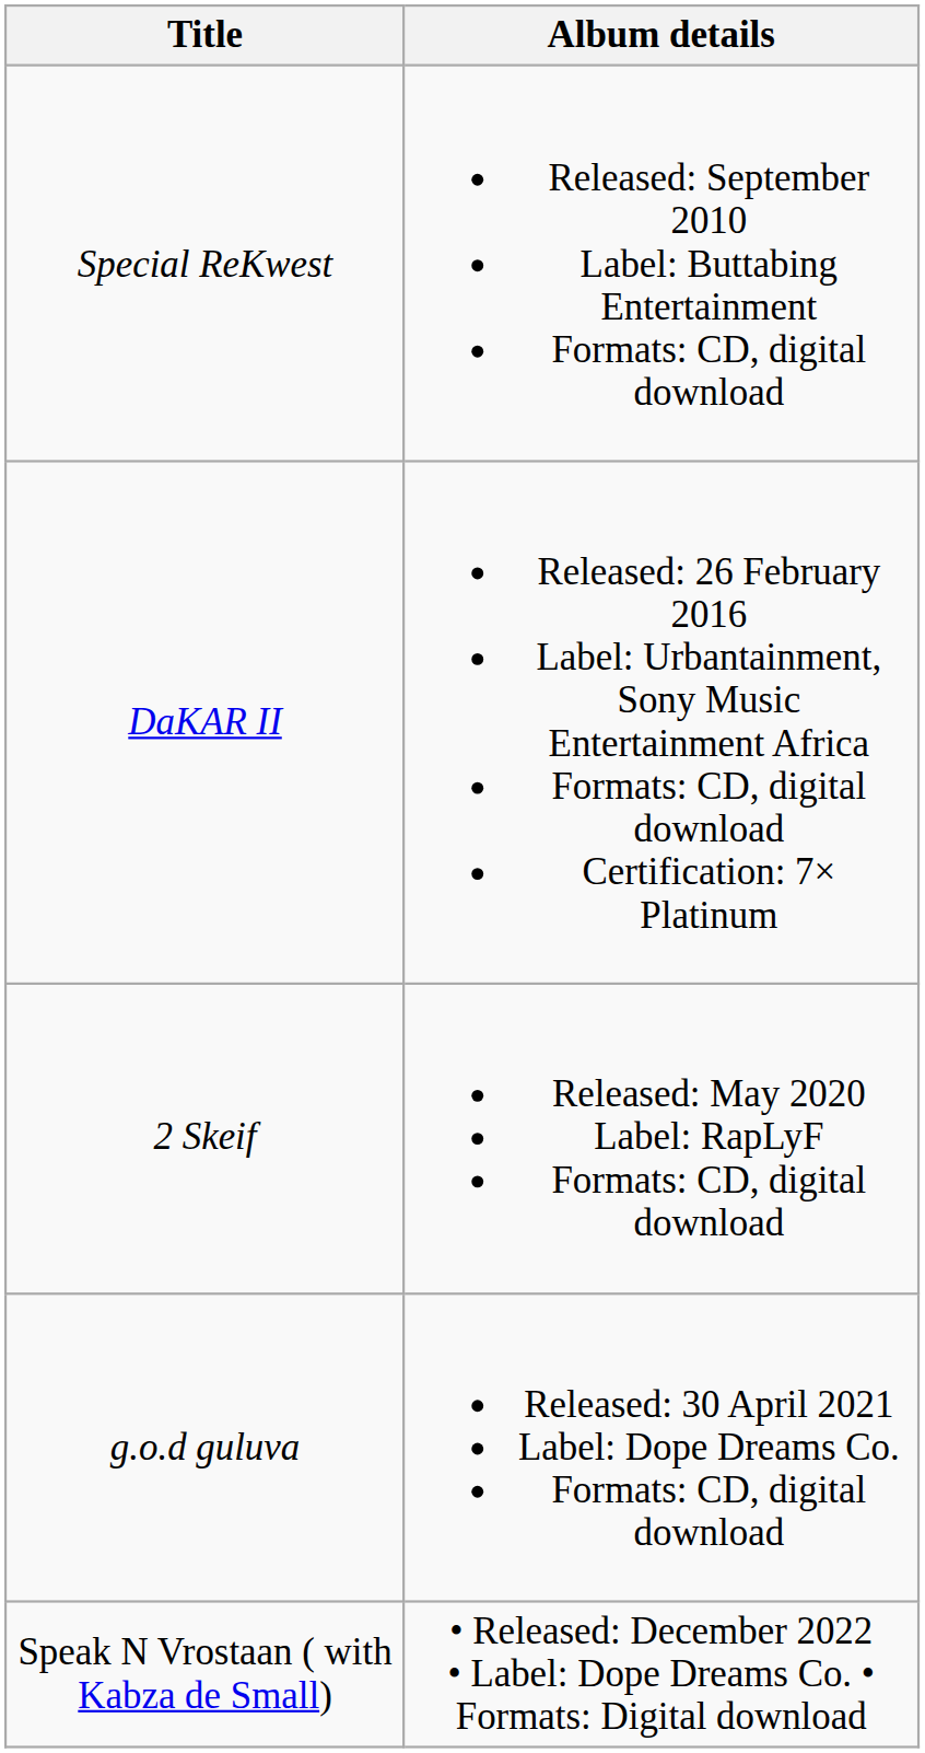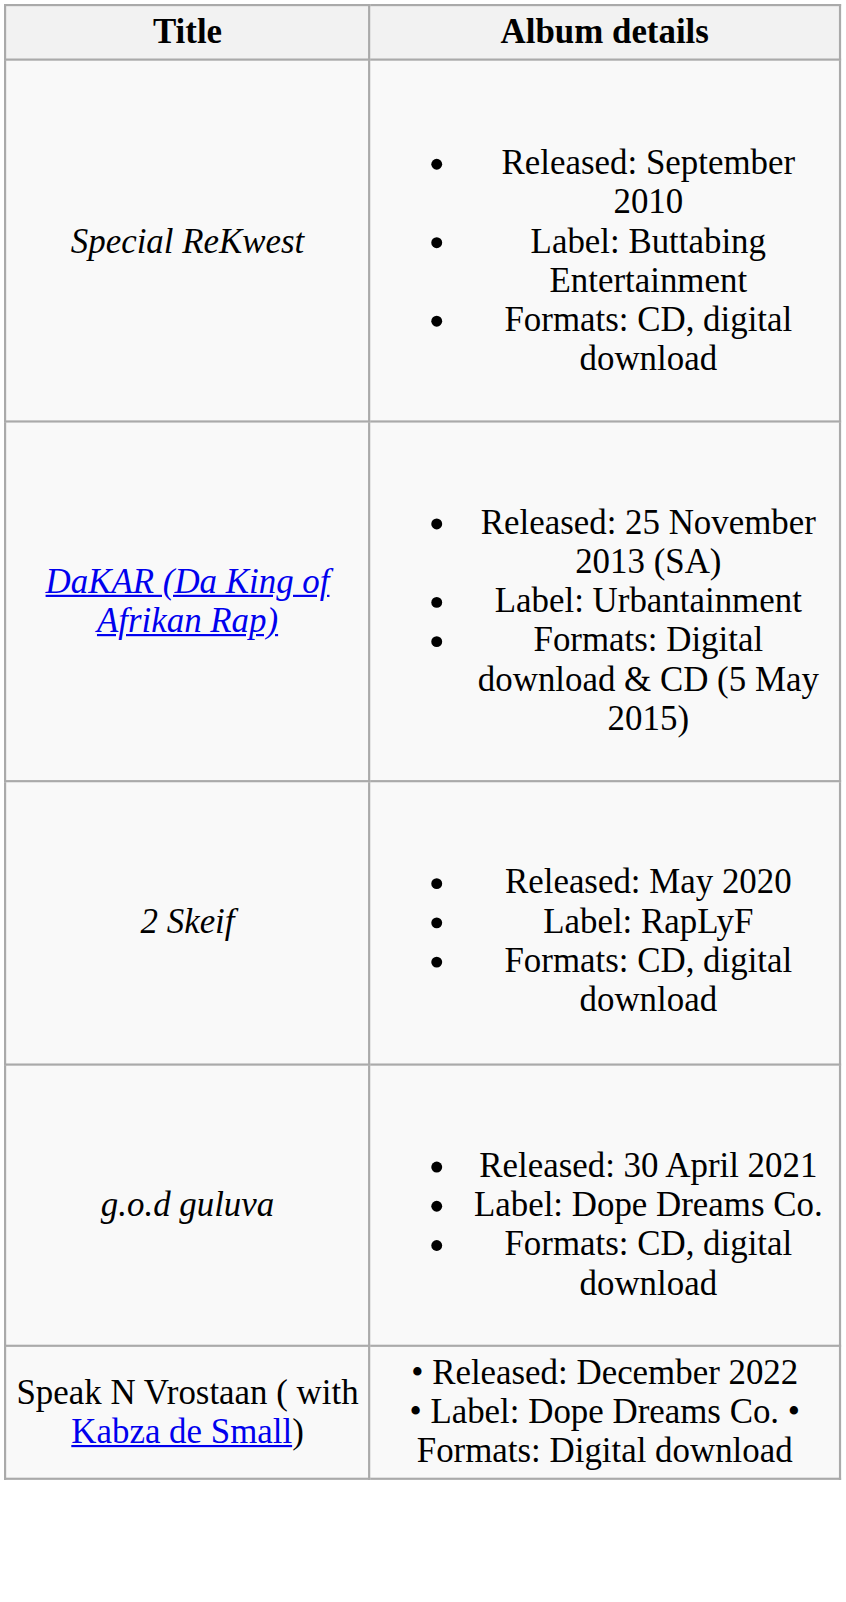 <table style="text-align:center;" class="wikitable sortable plainrowheaders">
 <tr>
 <th style="width:10em;" scope="col">Title</th>
 <th style="width:13em;" scope="col">Album details</th>
 </tr>
 <tr>
 <td scope="row"><em>Special ReKwest</em></td>
 <td><br><ul><li>Released: September 2010</li><li>Label: Buttabing Entertainment</li><li>Formats: CD, digital download</li></ul></td>
 </tr>
 <tr>
-<td><em><a href='#'>DaKAR II</a></em></td>
-<td><br><ul><li>Released: 26 February 2016</li><li>Label: Urbantainment, Sony Music Entertainment Africa</li><li>Formats: CD, digital download</li><li>Certification: 7× Platinum</li></ul></td>
+<td scope="row"><em><a href='#'>DaKAR (Da King of Afrikan Rap)</a></em></td>
+<td><br><ul><li>Released: 25 November 2013 <span>(SA)</span></li><li>Label: Urbantainment</li><li>Formats: Digital download & CD (5 May 2015)</li></ul></td>
 </tr>
 <tr>
 <td scope="row"><em>2 Skeif</em></td>
 <td><br><ul><li>Released: May 2020</li><li>Label: RapLyF</li><li>Formats: CD, digital download</li></ul></td>
 </tr>
 <tr>
 <td scope="row"><em>g.o.d guluva</em></td>
 <td><br><ul><li>Released: 30 April 2021</li><li>Label: Dope Dreams Co.</li><li>Formats: CD, digital download</li></ul></td>
 </tr>
 <tr>
 <td>Speak N Vrostaan ( with <a href='#'>Kabza de Small</a>)</td>
 <td>•      Released: December 2022<br>• Label: Dope Dreams Co. •              Formats: Digital download</td>
 </tr>
 </table>
